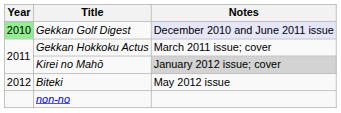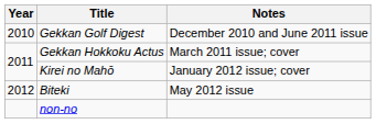 <table class="wikitable">
 <tr>
 <th>Year</th>
 <th>Title</th>
 <th>Notes</th>
 </tr>
 <tr>
-<td style="background: lightgreen;">2010</td>
+<td>2010</td>
 <td><em>Gekkan Golf Digest</em></td>
-<td style="background: lavender;">December 2010 and June 2011 issue</td>
+<td>December 2010 and June 2011 issue</td>
 </tr>
 <tr>
 <td rowspan="2">2011</td>
 <td><em>Gekkan Hokkoku Actus</em></td>
 <td>March 2011 issue; cover</td>
 </tr>
 <tr>
 <td><em>Kirei no Mahō</em></td>
-<td style="background: lightgrey;">January 2012 issue; cover</td>
+<td>January 2012 issue; cover</td>
 </tr>
 <tr>
 <td>2012</td>
 <td><em>Biteki</em></td>
 <td>May 2012 issue</td>
 </tr>
 <tr>
 <td></td>
 <td><em><a href='#'>non-no</a></em></td>
 <td></td>
 </tr>
 </table>
